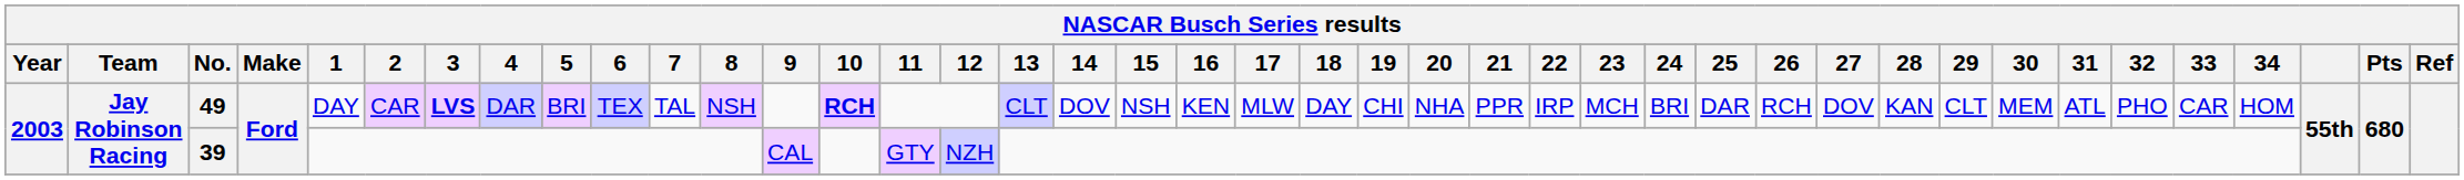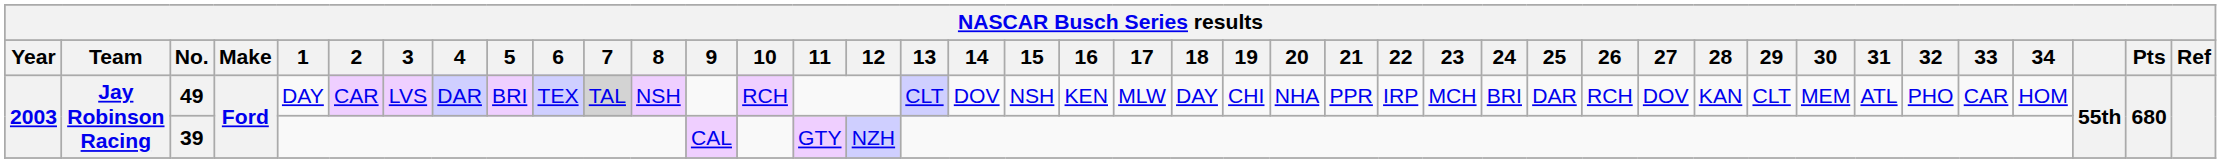 <table class="wikitable" style="text-align:center; font-size:75%">
 <tr>
 <th colspan=41><a href='#'>NASCAR Busch Series</a> results</th>
 </tr>
 <tr>
 <th>Year</th>
 <th>Team</th>
 <th>No.</th>
 <th>Make</th>
 <th>1</th>
 <th>2</th>
 <th>3</th>
 <th>4</th>
 <th>5</th>
 <th>6</th>
 <th>7</th>
 <th>8</th>
 <th>9</th>
 <th>10</th>
 <th>11</th>
 <th>12</th>
 <th>13</th>
 <th>14</th>
 <th>15</th>
 <th>16</th>
 <th>17</th>
 <th>18</th>
 <th>19</th>
 <th>20</th>
 <th>21</th>
 <th>22</th>
 <th>23</th>
 <th>24</th>
 <th>25</th>
 <th>26</th>
 <th>27</th>
 <th>28</th>
 <th>29</th>
 <th>30</th>
 <th>31</th>
 <th>32</th>
 <th>33</th>
 <th>34</th>
 <th></th>
 <th>Pts</th>
 <th>Ref</th>
 </tr>
 <tr>
 <th rowspan=2><a href='#'>2003</a></th>
 <th rowspan=2><a href='#'>Jay Robinson Racing</a></th>
 <th>49</th>
 <th rowspan=2><a href='#'>Ford</a></th>
 <td><a href='#'>DAY</a></td>
 <td style="background:#EFCFFF;"><a href='#'>CAR</a><br></td>
-<td style="background:#EFCFFF;"><strong><a href='#'>LVS</a><br></strong></td>
+<td style="background:#EFCFFF;"><a href='#'>LVS</a><br></td>
 <td style="background:#CFCFFF;"><a href='#'>DAR</a><br></td>
 <td style="background:#EFCFFF;"><a href='#'>BRI</a><br></td>
 <td style="background:#CFCFFF;"><a href='#'>TEX</a><br></td>
-<td><a href='#'>TAL</a></td>
+<td style="background: lightgrey;"><a href='#'>TAL</a></td>
 <td style="background:#EFCFFF;"><a href='#'>NSH</a><br></td>
 <td></td>
-<td style="background:#EFCFFF;"><strong><a href='#'>RCH</a><br></strong></td>
+<td style="background:#EFCFFF;"><a href='#'>RCH</a><br></td>
 <td colspan=2></td>
 <td style="background:#CFCFFF;"><a href='#'>CLT</a><br></td>
 <td><a href='#'>DOV</a></td>
 <td><a href='#'>NSH</a></td>
 <td><a href='#'>KEN</a></td>
 <td><a href='#'>MLW</a></td>
 <td><a href='#'>DAY</a></td>
 <td><a href='#'>CHI</a></td>
 <td><a href='#'>NHA</a></td>
 <td><a href='#'>PPR</a></td>
 <td><a href='#'>IRP</a></td>
 <td><a href='#'>MCH</a></td>
 <td><a href='#'>BRI</a></td>
 <td><a href='#'>DAR</a></td>
 <td><a href='#'>RCH</a></td>
 <td><a href='#'>DOV</a></td>
 <td><a href='#'>KAN</a></td>
 <td><a href='#'>CLT</a></td>
 <td><a href='#'>MEM</a></td>
 <td><a href='#'>ATL</a></td>
 <td><a href='#'>PHO</a></td>
 <td><a href='#'>CAR</a></td>
 <td><a href='#'>HOM</a></td>
 <th rowspan=2>55th</th>
 <th rowspan=2>680</th>
 <th rowspan=2></th>
 </tr>
 <tr>
 <th>39</th>
 <td colspan=8></td>
 <td style="background:#EFCFFF;"><a href='#'>CAL</a><br></td>
 <td></td>
 <td style="background:#EFCFFF;"><a href='#'>GTY</a><br></td>
 <td style="background:#CFCFFF;"><a href='#'>NZH</a><br></td>
 <td colspan=22></td>
 </tr>
 </table>
